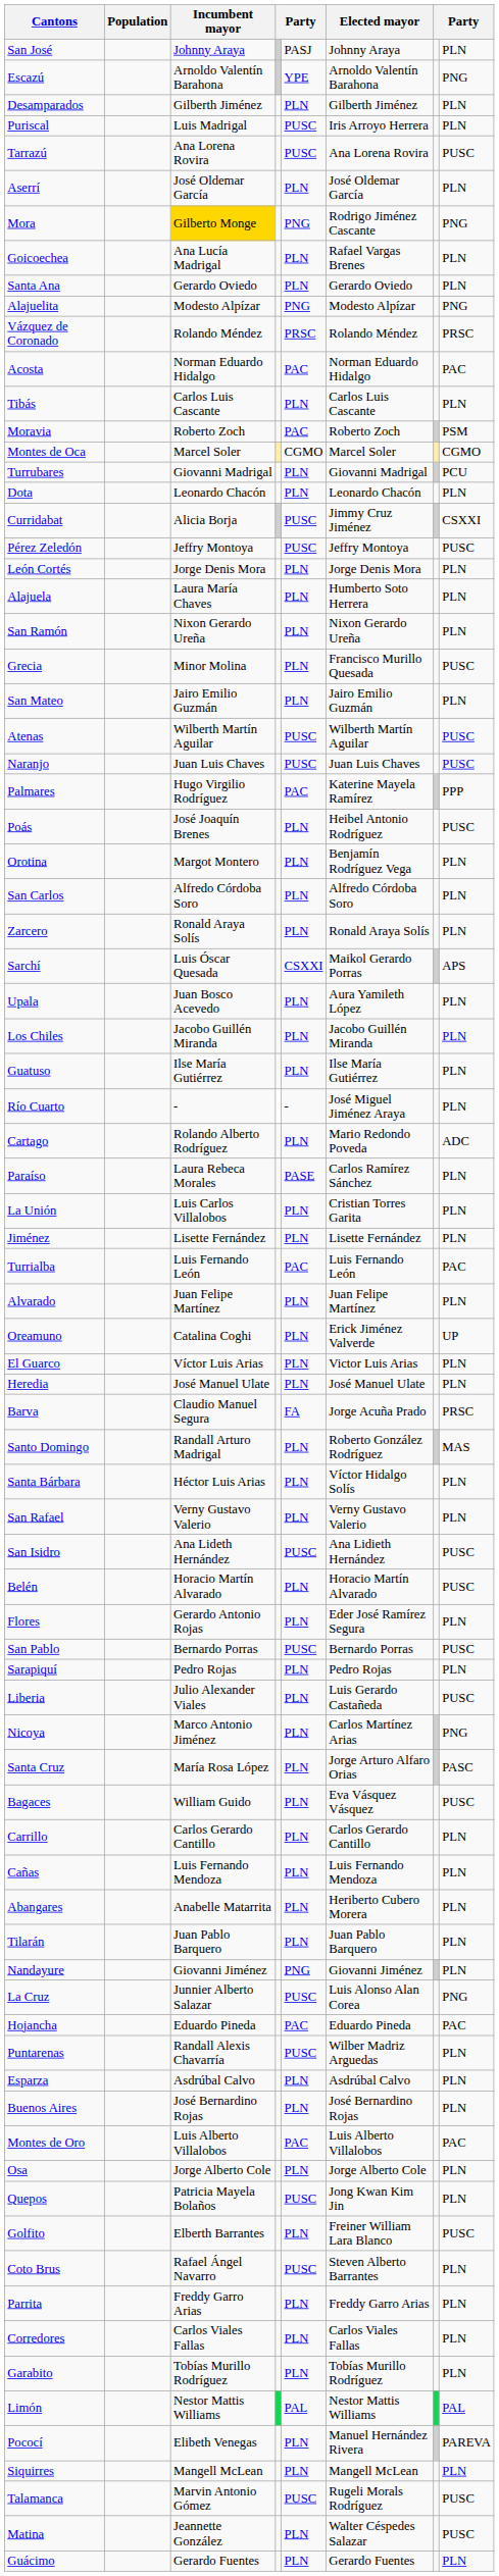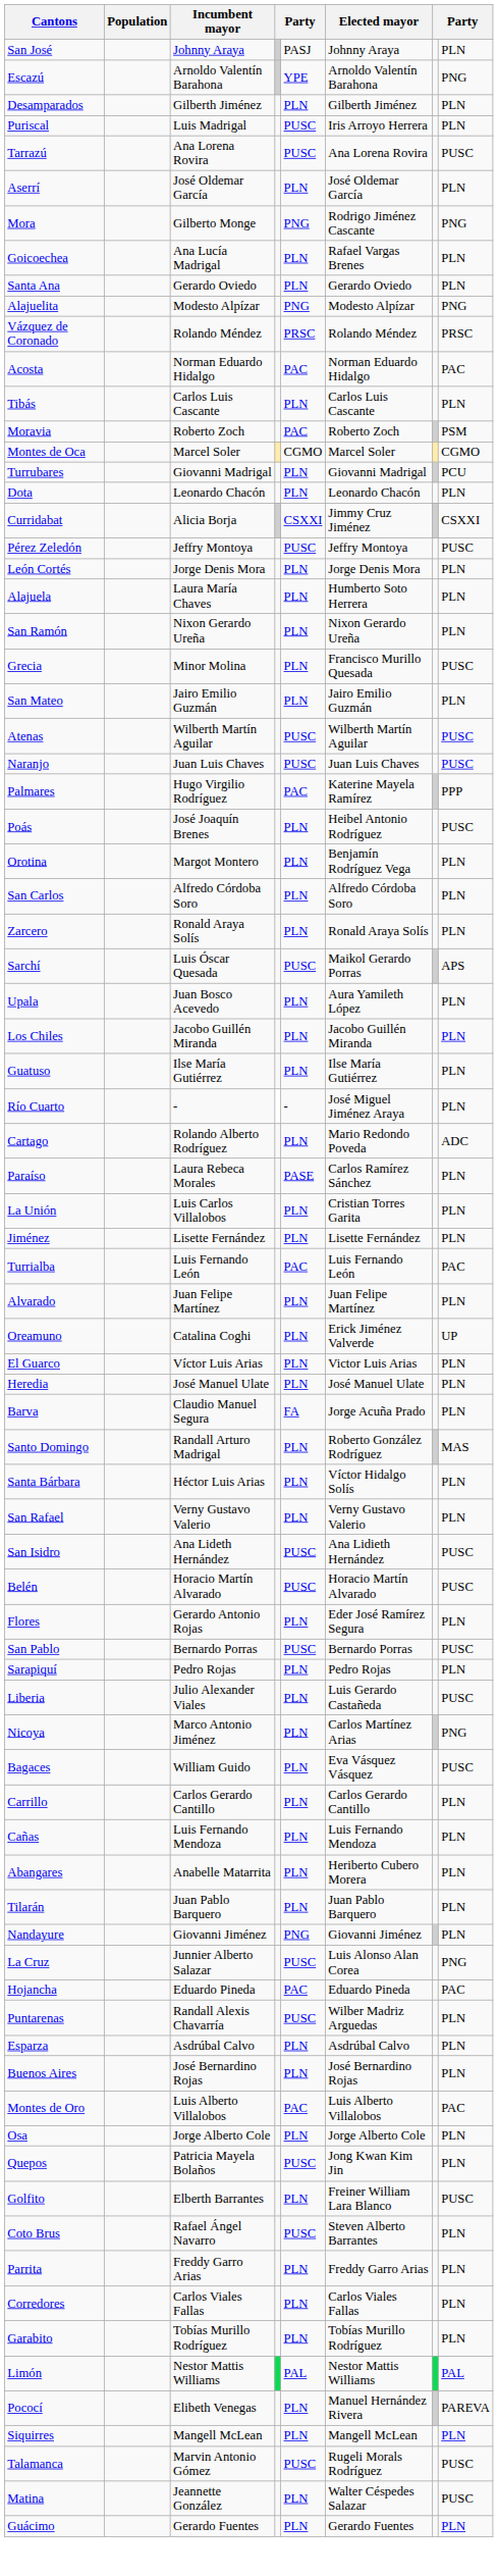 <table class="wikitable sortable centre">
 <tr>
 <th><a href='#'>Cantons</a></th>
 <th>Population</th>
 <th>Incumbent mayor</th>
 <th colspan=2>Party</th>
 <th>Elected mayor</th>
 <th colspan=2>Party</th>
 </tr>
 <tr>
 <td><a href='#'>San José</a></td>
 <td style="text-align: right"></td>
 <td><a href='#'>Johnny Araya</a></td>
 <td bgcolor="#cfcfcf"></td>
 <td>PASJ</td>
 <td>Johnny Araya</td>
 <td></td>
 <td>PLN</td>
 </tr>
 <tr>
 <td><a href='#'>Escazú</a></td>
 <td style="text-align: right"></td>
 <td>Arnoldo Valentín Barahona</td>
 <td bgcolor="#cfcfcf"></td>
 <td><a href='#'>YPE</a></td>
 <td>Arnoldo Valentín Barahona</td>
 <td></td>
 <td>PNG</td>
 </tr>
 <tr>
 <td><a href='#'>Desamparados</a></td>
 <td style="text-align: right"></td>
 <td>Gilberth Jiménez</td>
 <td></td>
 <td><a href='#'>PLN</a></td>
 <td>Gilberth Jiménez</td>
 <td></td>
 <td>PLN</td>
 </tr>
 <tr>
 <td><a href='#'>Puriscal</a></td>
 <td style="text-align: right"></td>
 <td>Luis Madrigal</td>
 <td></td>
 <td><a href='#'>PUSC</a></td>
 <td>Iris Arroyo Herrera</td>
 <td></td>
 <td>PLN</td>
 </tr>
 <tr>
 <td><a href='#'>Tarrazú</a></td>
 <td style="text-align: right"></td>
 <td>Ana Lorena Rovira</td>
 <td></td>
 <td><a href='#'>PUSC</a></td>
 <td>Ana Lorena Rovira</td>
 <td></td>
 <td>PUSC</td>
 </tr>
 <tr>
 <td><a href='#'>Aserrí</a></td>
 <td style="text-align: right"></td>
 <td>José Oldemar García</td>
 <td></td>
 <td><a href='#'>PLN</a></td>
 <td>José Oldemar García</td>
 <td></td>
 <td>PLN</td>
 </tr>
 <tr>
 <td><a href='#'>Mora</a></td>
 <td style="text-align: right"></td>
-<td style="background: gold;">Gilberto Monge</td>
+<td>Gilberto Monge</td>
 <td></td>
 <td><a href='#'>PNG</a></td>
 <td>Rodrigo Jiménez Cascante</td>
 <td></td>
 <td>PNG</td>
 </tr>
 <tr>
 <td><a href='#'>Goicoechea</a></td>
 <td style="text-align: right"></td>
 <td>Ana Lucía Madrigal</td>
 <td></td>
 <td><a href='#'>PLN</a></td>
 <td>Rafael Vargas Brenes</td>
 <td></td>
 <td>PLN</td>
 </tr>
 <tr>
 <td><a href='#'>Santa Ana</a></td>
 <td style="text-align: right"></td>
 <td>Gerardo Oviedo</td>
 <td></td>
 <td><a href='#'>PLN</a></td>
 <td>Gerardo Oviedo</td>
 <td></td>
 <td>PLN</td>
 </tr>
 <tr>
 <td><a href='#'>Alajuelita</a></td>
 <td style="text-align: right"></td>
 <td>Modesto Alpízar</td>
 <td></td>
 <td><a href='#'>PNG</a></td>
 <td>Modesto Alpízar</td>
 <td></td>
 <td>PNG</td>
 </tr>
 <tr>
 <td><a href='#'>Vázquez de Coronado</a></td>
 <td style="text-align: right"></td>
 <td>Rolando Méndez</td>
 <td></td>
 <td><a href='#'>PRSC</a></td>
 <td>Rolando Méndez</td>
 <td></td>
 <td>PRSC</td>
 </tr>
 <tr>
 <td><a href='#'>Acosta</a></td>
 <td style="text-align: right"></td>
 <td>Norman Eduardo Hidalgo</td>
 <td></td>
 <td><a href='#'>PAC</a></td>
 <td>Norman Eduardo Hidalgo</td>
 <td></td>
 <td>PAC</td>
 </tr>
 <tr>
 <td><a href='#'>Tibás</a></td>
 <td style="text-align: right"></td>
 <td>Carlos Luis Cascante</td>
 <td></td>
 <td><a href='#'>PLN</a></td>
 <td>Carlos Luis Cascante</td>
 <td></td>
 <td>PLN</td>
 </tr>
 <tr>
 <td><a href='#'>Moravia</a></td>
 <td style="text-align: right"></td>
 <td>Roberto Zoch</td>
 <td></td>
 <td><a href='#'>PAC</a></td>
 <td>Roberto Zoch</td>
 <td bgcolor="#cfcfcf"></td>
 <td>PSM</td>
 </tr>
 <tr>
 <td><a href='#'>Montes de Oca</a></td>
 <td style="text-align: right"></td>
 <td>Marcel Soler</td>
 <td bgcolor="#ffedab"></td>
 <td><abbr>CGMO</abbr></td>
 <td>Marcel Soler</td>
 <td bgcolor="#ffedab"></td>
 <td>CGMO</td>
 </tr>
 <tr>
 <td><a href='#'>Turrubares</a></td>
 <td style="text-align: right"></td>
 <td>Giovanni Madrigal</td>
 <td></td>
 <td><a href='#'>PLN</a></td>
 <td>Giovanni Madrigal</td>
 <td bgcolor="#cfcfcf"></td>
 <td>PCU</td>
 </tr>
 <tr>
 <td><a href='#'>Dota</a></td>
 <td style="text-align: right"></td>
 <td>Leonardo Chacón</td>
 <td></td>
 <td><a href='#'>PLN</a></td>
 <td>Leonardo Chacón</td>
 <td></td>
 <td>PLN</td>
 </tr>
 <tr>
 <td><a href='#'>Curridabat</a></td>
 <td style="text-align: right"></td>
 <td>Alicia Borja</td>
 <td bgcolor="#cfcfcf"></td>
-<td><a href='#'>PUSC</a></td>
+<td><a href='#'>CSXXI</a></td>
 <td>Jimmy Cruz Jiménez</td>
 <td bgcolor="#cfcfcf"></td>
 <td>CSXXI</td>
 </tr>
 <tr>
 <td><a href='#'>Pérez Zeledón</a></td>
 <td style="text-align: right"></td>
 <td>Jeffry Montoya</td>
 <td></td>
 <td><a href='#'>PUSC</a></td>
 <td>Jeffry Montoya</td>
 <td></td>
 <td>PUSC</td>
 </tr>
 <tr>
 <td><a href='#'>León Cortés</a></td>
 <td style="text-align: right"></td>
 <td>Jorge Denis Mora</td>
 <td></td>
 <td><a href='#'>PLN</a></td>
 <td>Jorge Denis Mora</td>
 <td></td>
 <td>PLN</td>
 </tr>
 <tr>
 <td><a href='#'>Alajuela</a></td>
 <td style="text-align: right"></td>
 <td>Laura María Chaves</td>
 <td></td>
 <td><a href='#'>PLN</a></td>
 <td>Humberto Soto Herrera</td>
 <td></td>
 <td>PLN</td>
 </tr>
 <tr>
 <td><a href='#'>San Ramón</a></td>
 <td style="text-align: right"></td>
 <td>Nixon Gerardo Ureña</td>
 <td></td>
 <td><a href='#'>PLN</a></td>
 <td>Nixon Gerardo Ureña</td>
 <td></td>
 <td>PLN</td>
 </tr>
 <tr>
 <td><a href='#'>Grecia</a></td>
 <td style="text-align: right"></td>
 <td>Minor Molina</td>
 <td></td>
 <td><a href='#'>PLN</a></td>
 <td>Francisco Murillo Quesada</td>
 <td></td>
 <td>PUSC</td>
 </tr>
 <tr>
 <td><a href='#'>San Mateo</a></td>
 <td style="text-align: right"></td>
 <td>Jairo Emilio Guzmán</td>
 <td></td>
 <td><a href='#'>PLN</a></td>
 <td>Jairo Emilio Guzmán</td>
 <td></td>
 <td>PLN</td>
 </tr>
 <tr>
 <td><a href='#'>Atenas</a></td>
 <td style="text-align: right"></td>
 <td>Wilberth Martín Aguilar</td>
 <td></td>
 <td><a href='#'>PUSC</a></td>
 <td>Wilberth Martín Aguilar</td>
 <td></td>
 <td><a href='#'>PUSC</a></td>
 </tr>
 <tr>
 <td><a href='#'>Naranjo</a></td>
 <td style="text-align: right"></td>
 <td>Juan Luis Chaves</td>
 <td></td>
 <td><a href='#'>PUSC</a></td>
 <td>Juan Luis Chaves</td>
 <td></td>
 <td><a href='#'>PUSC</a></td>
 </tr>
 <tr>
 <td><a href='#'>Palmares</a></td>
 <td style="text-align: right"></td>
 <td>Hugo Virgilio Rodríguez</td>
 <td></td>
 <td><a href='#'>PAC</a></td>
 <td>Katerine Mayela Ramírez</td>
 <td bgcolor="#cfcfcf"></td>
 <td>PPP</td>
 </tr>
 <tr>
 <td><a href='#'>Poás</a></td>
 <td style="text-align: right"></td>
 <td>José Joaquín Brenes</td>
 <td></td>
 <td><a href='#'>PLN</a></td>
 <td>Heibel Antonio Rodríguez</td>
 <td></td>
 <td>PUSC</td>
 </tr>
 <tr>
 <td><a href='#'>Orotina</a></td>
 <td style="text-align: right"></td>
 <td>Margot Montero</td>
 <td></td>
 <td><a href='#'>PLN</a></td>
 <td>Benjamín Rodríguez Vega</td>
 <td></td>
 <td>PLN</td>
 </tr>
 <tr>
 <td><a href='#'>San Carlos</a></td>
 <td style="text-align: right"></td>
 <td>Alfredo Córdoba Soro</td>
 <td></td>
 <td><a href='#'>PLN</a></td>
 <td>Alfredo Córdoba Soro</td>
 <td></td>
 <td>PLN</td>
 </tr>
 <tr>
 <td><a href='#'>Zarcero</a></td>
 <td style="text-align: right"></td>
 <td>Ronald Araya Solís</td>
 <td></td>
 <td><a href='#'>PLN</a></td>
 <td>Ronald Araya Solís</td>
 <td></td>
 <td>PLN</td>
 </tr>
 <tr>
 <td><a href='#'>Sarchí</a></td>
 <td style="text-align: right"></td>
 <td>Luis Óscar Quesada</td>
 <td></td>
-<td><a href='#'>CSXXI</a></td>
+<td><a href='#'>PUSC</a></td>
 <td>Maikol Gerardo Porras</td>
 <td bgcolor="#cfcfcf"></td>
 <td>APS</td>
 </tr>
 <tr>
 <td><a href='#'>Upala</a></td>
 <td style="text-align: right"></td>
 <td>Juan Bosco Acevedo</td>
 <td></td>
 <td><a href='#'>PLN</a></td>
 <td>Aura Yamileth López</td>
 <td></td>
 <td>PLN</td>
 </tr>
 <tr>
 <td><a href='#'>Los Chiles</a></td>
 <td style="text-align: right"></td>
 <td>Jacobo Guillén Miranda</td>
 <td></td>
 <td><a href='#'>PLN</a></td>
 <td>Jacobo Guillén Miranda</td>
 <td></td>
 <td><a href='#'>PLN</a></td>
 </tr>
 <tr>
 <td><a href='#'>Guatuso</a></td>
 <td style="text-align: right"></td>
 <td>Ilse María Gutiérrez</td>
 <td></td>
 <td><a href='#'>PLN</a></td>
 <td>Ilse María Gutiérrez</td>
 <td></td>
 <td>PLN</td>
 </tr>
 <tr>
 <td><a href='#'>Río Cuarto</a></td>
 <td style="text-align: right"></td>
 <td>-</td>
 <td bgcolor="#fff"></td>
 <td>-</td>
 <td>José Miguel Jiménez Araya</td>
 <td></td>
 <td>PLN</td>
 </tr>
 <tr>
 <td><a href='#'>Cartago</a></td>
 <td style="text-align: right"></td>
 <td>Rolando Alberto Rodríguez</td>
 <td></td>
 <td><a href='#'>PLN</a></td>
 <td>Mario Redondo Poveda</td>
 <td></td>
 <td>ADC</td>
 </tr>
 <tr>
 <td><a href='#'>Paraíso</a></td>
 <td style="text-align: right"></td>
 <td>Laura Rebeca Morales</td>
 <td></td>
 <td><a href='#'>PASE</a></td>
 <td>Carlos Ramírez Sánchez</td>
 <td></td>
 <td>PLN</td>
 </tr>
 <tr>
 <td><a href='#'>La Unión</a></td>
 <td style="text-align: right"></td>
 <td>Luis Carlos Villalobos</td>
 <td></td>
 <td><a href='#'>PLN</a></td>
 <td>Cristian Torres Garita</td>
 <td></td>
 <td>PLN</td>
 </tr>
 <tr>
 <td><a href='#'>Jiménez</a></td>
 <td style="text-align: right"></td>
 <td>Lisette Fernández</td>
 <td></td>
 <td><a href='#'>PLN</a></td>
 <td>Lisette Fernández</td>
 <td></td>
 <td>PLN</td>
 </tr>
 <tr>
 <td><a href='#'>Turrialba</a></td>
 <td style="text-align: right"></td>
 <td>Luis Fernando León</td>
 <td></td>
 <td><a href='#'>PAC</a></td>
 <td>Luis Fernando León</td>
 <td></td>
 <td>PAC</td>
 </tr>
 <tr>
 <td><a href='#'>Alvarado</a></td>
 <td style="text-align: right"></td>
 <td>Juan Felipe Martínez</td>
 <td></td>
 <td><a href='#'>PLN</a></td>
 <td>Juan Felipe Martínez</td>
 <td></td>
 <td>PLN</td>
 </tr>
 <tr>
 <td><a href='#'>Oreamuno</a></td>
 <td style="text-align: right"></td>
 <td>Catalina Coghi</td>
 <td></td>
 <td><a href='#'>PLN</a></td>
 <td>Erick Jiménez Valverde</td>
 <td></td>
 <td>UP</td>
 </tr>
 <tr>
 <td><a href='#'>El Guarco</a></td>
 <td style="text-align: right"></td>
 <td>Víctor Luis Arias</td>
 <td></td>
 <td><a href='#'>PLN</a></td>
 <td>Victor Luis Arias</td>
 <td></td>
 <td>PLN</td>
 </tr>
 <tr>
 <td><a href='#'>Heredia</a></td>
 <td style="text-align: right"></td>
 <td>José Manuel Ulate</td>
 <td></td>
 <td><a href='#'>PLN</a></td>
 <td>José Manuel Ulate</td>
 <td></td>
 <td>PLN</td>
 </tr>
 <tr>
 <td><a href='#'>Barva</a></td>
 <td style="text-align: right"></td>
 <td>Claudio Manuel Segura</td>
 <td></td>
 <td><a href='#'>FA</a></td>
 <td>Jorge Acuña Prado</td>
 <td></td>
-<td>PRSC</td>
+<td>PLN</td>
 </tr>
 <tr>
 <td><a href='#'>Santo Domingo</a></td>
 <td style="text-align: right"></td>
 <td>Randall Arturo Madrigal</td>
 <td></td>
 <td><a href='#'>PLN</a></td>
 <td>Roberto González Rodríguez</td>
 <td bgcolor="#cfcfcf"></td>
 <td>MAS</td>
 </tr>
 <tr>
 <td><a href='#'>Santa Bárbara</a></td>
 <td style="text-align: right"></td>
 <td>Héctor Luis Arias</td>
 <td></td>
 <td><a href='#'>PLN</a></td>
 <td>Víctor Hidalgo Solís</td>
 <td></td>
 <td>PLN</td>
 </tr>
 <tr>
 <td><a href='#'>San Rafael</a></td>
 <td style="text-align: right"></td>
 <td>Verny Gustavo Valerio</td>
 <td></td>
 <td><a href='#'>PLN</a></td>
 <td>Verny Gustavo Valerio</td>
 <td></td>
 <td>PLN</td>
 </tr>
 <tr>
 <td><a href='#'>San Isidro</a></td>
 <td style="text-align: right"></td>
 <td>Ana Lideth Hernández</td>
 <td></td>
 <td><a href='#'>PUSC</a></td>
 <td>Ana Lidieth Hernández</td>
 <td></td>
 <td>PUSC</td>
 </tr>
 <tr>
 <td><a href='#'>Belén</a></td>
 <td style="text-align: right"></td>
 <td>Horacio Martín Alvarado</td>
 <td></td>
-<td><a href='#'>PLN</a></td>
+<td><a href='#'>PUSC</a></td>
 <td>Horacio Martín Alvarado</td>
 <td></td>
 <td>PUSC</td>
 </tr>
 <tr>
 <td><a href='#'>Flores</a></td>
 <td style="text-align: right"></td>
 <td>Gerardo Antonio Rojas</td>
 <td></td>
 <td><a href='#'>PLN</a></td>
 <td>Eder José Ramírez Segura</td>
 <td></td>
 <td>PLN</td>
 </tr>
 <tr>
 <td><a href='#'>San Pablo</a></td>
 <td style="text-align: right"></td>
 <td>Bernardo Porras</td>
 <td></td>
 <td><a href='#'>PUSC</a></td>
 <td>Bernardo Porras</td>
 <td></td>
 <td>PUSC</td>
 </tr>
 <tr>
 <td><a href='#'>Sarapiquí</a></td>
 <td style="text-align: right"></td>
 <td>Pedro Rojas</td>
 <td></td>
 <td><a href='#'>PLN</a></td>
 <td>Pedro Rojas</td>
 <td></td>
 <td>PLN</td>
 </tr>
 <tr>
 <td><a href='#'>Liberia</a></td>
 <td style="text-align: right"></td>
 <td>Julio Alexander Viales</td>
 <td></td>
 <td><a href='#'>PLN</a></td>
 <td>Luis Gerardo Castañeda</td>
 <td></td>
 <td>PUSC</td>
 </tr>
 <tr>
 <td><a href='#'>Nicoya</a></td>
 <td style="text-align: right"></td>
 <td>Marco Antonio Jiménez</td>
 <td></td>
 <td><a href='#'>PLN</a></td>
 <td>Carlos Martínez Arias</td>
 <td bgcolor="#cfcfcf"></td>
 <td>PNG</td>
-</tr>
-<tr>
-<td><a href='#'>Santa Cruz</a></td>
-<td style="text-align: right"></td>
-<td>María Rosa López</td>
-<td></td>
-<td><a href='#'>PLN</a></td>
-<td>Jorge Arturo Alfaro Orias</td>
-<td bgcolor="#cfcfcf"></td>
-<td>PASC</td>
 </tr>
 <tr>
 <td><a href='#'>Bagaces</a></td>
 <td style="text-align: right"></td>
 <td>William Guido</td>
 <td></td>
 <td><a href='#'>PLN</a></td>
 <td>Eva Vásquez Vásquez</td>
 <td></td>
 <td>PUSC</td>
 </tr>
 <tr>
 <td><a href='#'>Carrillo</a></td>
 <td style="text-align: right"></td>
 <td>Carlos Gerardo Cantillo</td>
 <td></td>
 <td><a href='#'>PLN</a></td>
 <td>Carlos Gerardo Cantillo</td>
 <td></td>
 <td>PLN</td>
 </tr>
 <tr>
 <td><a href='#'>Cañas</a></td>
 <td style="text-align: right"></td>
 <td>Luis Fernando Mendoza</td>
 <td></td>
 <td><a href='#'>PLN</a></td>
 <td>Luis Fernando Mendoza</td>
 <td></td>
 <td>PLN</td>
 </tr>
 <tr>
 <td><a href='#'>Abangares</a></td>
 <td style="text-align: right"></td>
 <td>Anabelle Matarrita</td>
 <td></td>
 <td><a href='#'>PLN</a></td>
 <td>Heriberto Cubero Morera</td>
 <td></td>
 <td>PLN</td>
 </tr>
 <tr>
 <td><a href='#'>Tilarán</a></td>
 <td style="text-align: right"></td>
 <td>Juan Pablo Barquero</td>
 <td></td>
 <td><a href='#'>PLN</a></td>
 <td>Juan Pablo Barquero</td>
 <td></td>
 <td>PLN</td>
 </tr>
 <tr>
 <td><a href='#'>Nandayure</a></td>
 <td style="text-align: right"></td>
 <td>Giovanni Jiménez</td>
 <td></td>
 <td><a href='#'>PNG</a></td>
 <td>Giovanni Jiménez</td>
 <td bgcolor="#cfcfcf"></td>
 <td>PLN</td>
 </tr>
 <tr>
 <td><a href='#'>La Cruz</a></td>
 <td style="text-align: right"></td>
 <td>Junnier Alberto Salazar</td>
 <td></td>
 <td><a href='#'>PUSC</a></td>
 <td>Luis Alonso Alan Corea</td>
 <td></td>
 <td>PNG</td>
 </tr>
 <tr>
 <td><a href='#'>Hojancha</a></td>
 <td style="text-align: right"></td>
 <td>Eduardo Pineda</td>
 <td></td>
 <td><a href='#'>PAC</a></td>
 <td>Eduardo Pineda</td>
 <td></td>
 <td>PAC</td>
 </tr>
 <tr>
 <td><a href='#'>Puntarenas</a></td>
 <td style="text-align: right"></td>
 <td>Randall Alexis Chavarría</td>
 <td></td>
 <td><a href='#'>PUSC</a></td>
 <td>Wilber Madriz Arguedas</td>
 <td></td>
 <td>PLN</td>
 </tr>
 <tr>
 <td><a href='#'>Esparza</a></td>
 <td style="text-align: right"></td>
 <td>Asdrúbal Calvo</td>
 <td></td>
 <td><a href='#'>PLN</a></td>
 <td>Asdrúbal Calvo</td>
 <td></td>
 <td>PLN</td>
 </tr>
 <tr>
 <td><a href='#'>Buenos Aires</a></td>
 <td style="text-align: right"></td>
 <td>José Bernardino Rojas</td>
 <td></td>
 <td><a href='#'>PLN</a></td>
 <td>José Bernardino Rojas</td>
 <td></td>
 <td>PLN</td>
 </tr>
 <tr>
 <td><a href='#'>Montes de Oro</a></td>
 <td style="text-align: right"></td>
 <td>Luis Alberto Villalobos</td>
 <td></td>
 <td><a href='#'>PAC</a></td>
 <td>Luis Alberto Villalobos</td>
 <td></td>
 <td>PAC</td>
 </tr>
 <tr>
 <td><a href='#'>Osa</a></td>
 <td style="text-align: right"></td>
 <td>Jorge Alberto Cole</td>
 <td></td>
 <td><a href='#'>PLN</a></td>
 <td>Jorge Alberto Cole</td>
 <td></td>
 <td>PLN</td>
 </tr>
 <tr>
 <td><a href='#'>Quepos</a></td>
 <td style="text-align: right"></td>
 <td>Patricia Mayela Bolaños</td>
 <td></td>
 <td><a href='#'>PUSC</a></td>
 <td>Jong Kwan Kim Jin</td>
 <td></td>
 <td>PLN</td>
 </tr>
 <tr>
 <td><a href='#'>Golfito</a></td>
 <td style="text-align: right"></td>
 <td>Elberth Barrantes</td>
 <td></td>
 <td><a href='#'>PLN</a></td>
 <td>Freiner William Lara Blanco</td>
 <td></td>
 <td>PUSC</td>
 </tr>
 <tr>
 <td><a href='#'>Coto Brus</a></td>
 <td style="text-align: right"></td>
 <td>Rafael Ángel Navarro</td>
 <td></td>
 <td><a href='#'>PUSC</a></td>
 <td>Steven Alberto Barrantes</td>
 <td></td>
 <td>PLN</td>
 </tr>
 <tr>
 <td><a href='#'>Parrita</a></td>
 <td style="text-align: right"></td>
 <td>Freddy Garro Arias</td>
 <td></td>
 <td><a href='#'>PLN</a></td>
 <td>Freddy Garro Arias</td>
 <td></td>
 <td>PLN</td>
 </tr>
 <tr>
 <td><a href='#'>Corredores</a></td>
 <td style="text-align: right"></td>
 <td>Carlos Viales Fallas</td>
 <td></td>
 <td><a href='#'>PLN</a></td>
 <td>Carlos Viales Fallas</td>
 <td></td>
 <td>PLN</td>
 </tr>
 <tr>
 <td><a href='#'>Garabito</a></td>
 <td style="text-align: right"></td>
 <td>Tobías Murillo Rodríguez</td>
 <td></td>
 <td><a href='#'>PLN</a></td>
 <td>Tobías Murillo Rodríguez</td>
 <td></td>
 <td>PLN</td>
 </tr>
 <tr>
 <td><a href='#'>Limón</a></td>
 <td style="text-align: right"></td>
 <td>Nestor Mattis Williams</td>
 <td bgcolor="#0BDA51"></td>
 <td><a href='#'>PAL</a></td>
 <td>Nestor Mattis Williams</td>
 <td bgcolor="#0BDA51"></td>
 <td><a href='#'>PAL</a></td>
 </tr>
 <tr>
 <td><a href='#'>Pococí</a></td>
 <td style="text-align: right"></td>
 <td>Elibeth Venegas</td>
 <td></td>
 <td><a href='#'>PLN</a></td>
 <td>Manuel Hernández Rivera</td>
 <td bgcolor="#cfcfcf"></td>
 <td>PAREVA</td>
 </tr>
 <tr>
 <td><a href='#'>Siquirres</a></td>
 <td style="text-align: right"></td>
 <td>Mangell McLean</td>
 <td></td>
 <td><a href='#'>PLN</a></td>
 <td>Mangell McLean</td>
 <td></td>
 <td><a href='#'>PLN</a></td>
 </tr>
 <tr>
 <td><a href='#'>Talamanca</a></td>
 <td style="text-align: right"></td>
 <td>Marvin Antonio Gómez</td>
 <td></td>
 <td><a href='#'>PUSC</a></td>
 <td>Rugeli Morals Rodríguez</td>
 <td></td>
 <td>PUSC</td>
 </tr>
 <tr>
 <td><a href='#'>Matina</a></td>
 <td style="text-align: right"></td>
 <td>Jeannette González</td>
 <td></td>
 <td><a href='#'>PLN</a></td>
 <td>Walter Céspedes Salazar</td>
 <td></td>
 <td>PUSC</td>
 </tr>
 <tr>
 <td><a href='#'>Guácimo</a></td>
 <td style="text-align: right"></td>
 <td>Gerardo Fuentes</td>
 <td></td>
 <td><a href='#'>PLN</a></td>
 <td>Gerardo Fuentes</td>
 <td></td>
 <td><a href='#'>PLN</a></td>
 </tr>
 </table>
